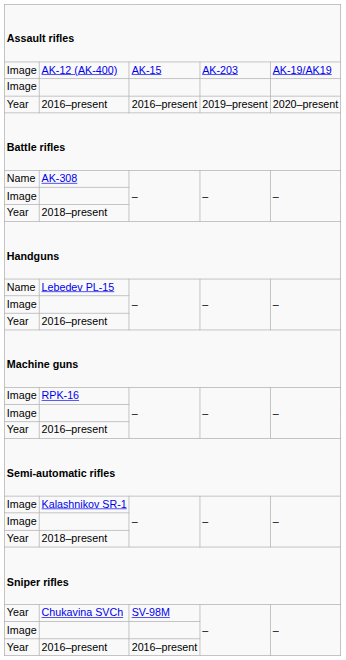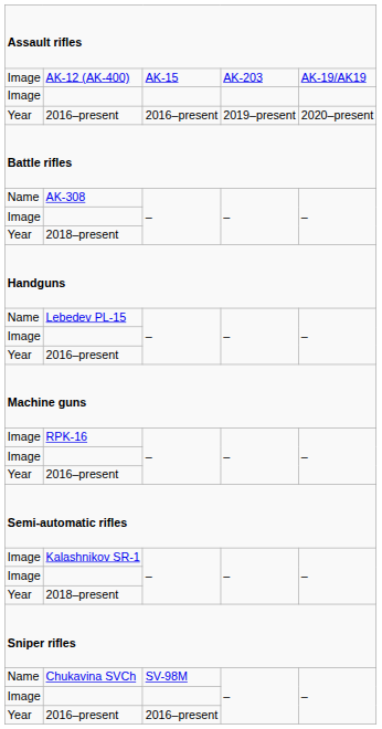 <table class="wikitable">
 <tr>
 <td colspan="5"><br><h4>Assault rifles</h4></td>
 </tr>
 <tr>
 <td>Image</td>
 <td><a href='#'>AK-12 (AK-400)</a></td>
 <td><a href='#'>AK-15</a></td>
 <td><a href='#'>AK-203</a></td>
 <td><a href='#'>AK-19/AK19</a></td>
 </tr>
 <tr>
 <td>Image</td>
 <td></td>
 <td></td>
 <td></td>
 <td></td>
 </tr>
 <tr>
 <td>Year</td>
 <td>2016–present</td>
 <td>2016–present</td>
 <td>2019–present</td>
 <td>2020–present</td>
 </tr>
 <tr>
 <td colspan="5"><br><h4>Battle rifles</h4></td>
 </tr>
 <tr>
 <td>Name</td>
 <td><a href='#'>AK-308</a></td>
 <td rowspan="3">–</td>
 <td rowspan="3">–</td>
 <td rowspan="3">–</td>
 </tr>
 <tr>
 <td>Image</td>
 <td></td>
 </tr>
 <tr>
 <td>Year</td>
 <td>2018–present</td>
 </tr>
 <tr>
 <td colspan="5"><br><h4>Handguns</h4></td>
 </tr>
 <tr>
 <td>Name</td>
 <td><a href='#'>Lebedev PL-15</a></td>
 <td rowspan="3">–</td>
 <td rowspan="3">–</td>
 <td rowspan="3">–</td>
 </tr>
 <tr>
 <td>Image</td>
 <td></td>
 </tr>
 <tr>
 <td>Year</td>
 <td>2016–present</td>
 </tr>
 <tr>
 <td colspan="5"><br><h4>Machine guns</h4></td>
 </tr>
 <tr>
 <td>Image</td>
 <td><a href='#'>RPK-16</a></td>
 <td rowspan="3">–</td>
 <td rowspan="3">–</td>
 <td rowspan="3">–</td>
 </tr>
 <tr>
 <td>Image</td>
 <td></td>
 </tr>
 <tr>
 <td>Year</td>
 <td>2016–present</td>
 </tr>
 <tr>
 <td colspan="5"><br><h4>Semi-automatic rifles</h4></td>
 </tr>
 <tr>
 <td>Image</td>
 <td><a href='#'>Kalashnikov SR-1</a></td>
 <td rowspan="3">–</td>
 <td rowspan="3">–</td>
 <td rowspan="3">–</td>
 </tr>
 <tr>
 <td>Image</td>
 <td></td>
 </tr>
 <tr>
 <td>Year</td>
 <td>2018–present</td>
 </tr>
 <tr>
 <td colspan="5"><br><h4>Sniper rifles</h4></td>
 </tr>
 <tr>
-<td>Year</td>
+<td>Name</td>
 <td><a href='#'>Chukavina SVCh</a></td>
 <td><a href='#'>SV-98M</a></td>
 <td rowspan="3">–</td>
 <td rowspan="3">–</td>
 </tr>
 <tr>
 <td>Image</td>
 <td></td>
 <td></td>
 </tr>
 <tr>
 <td>Year</td>
 <td>2016–present</td>
 <td>2016–present</td>
 </tr>
 </table>
